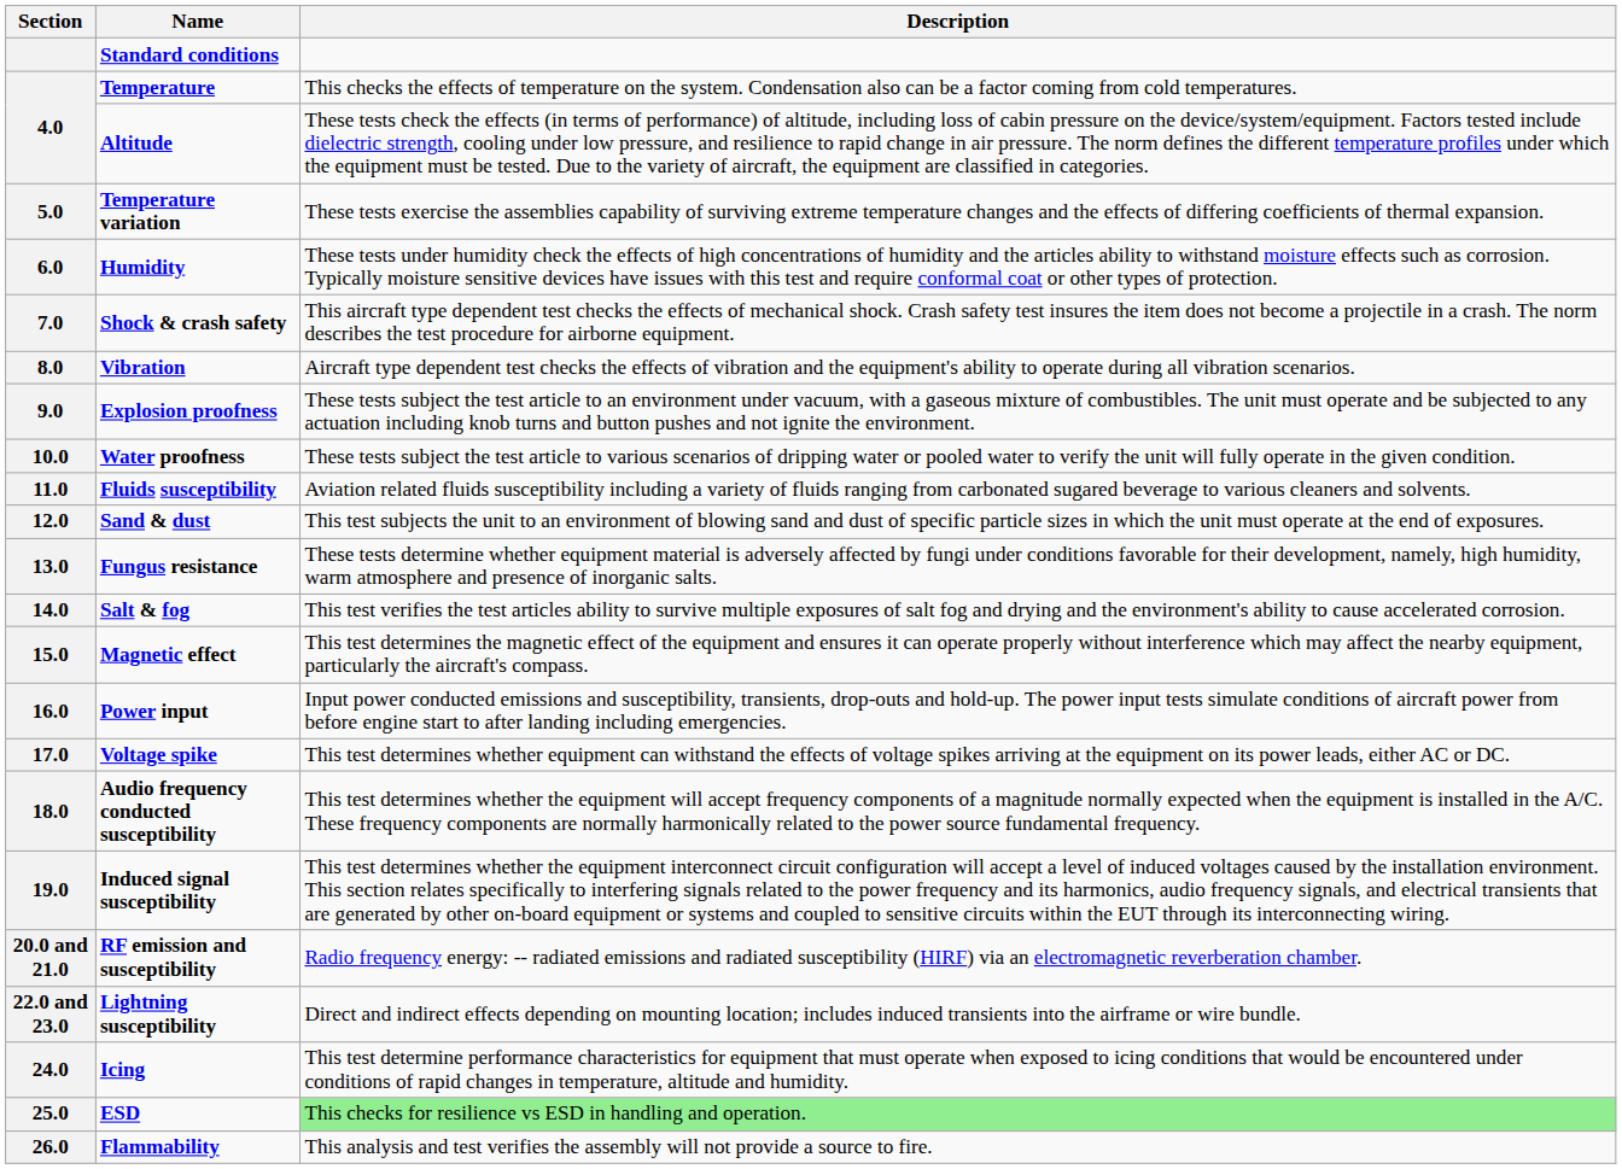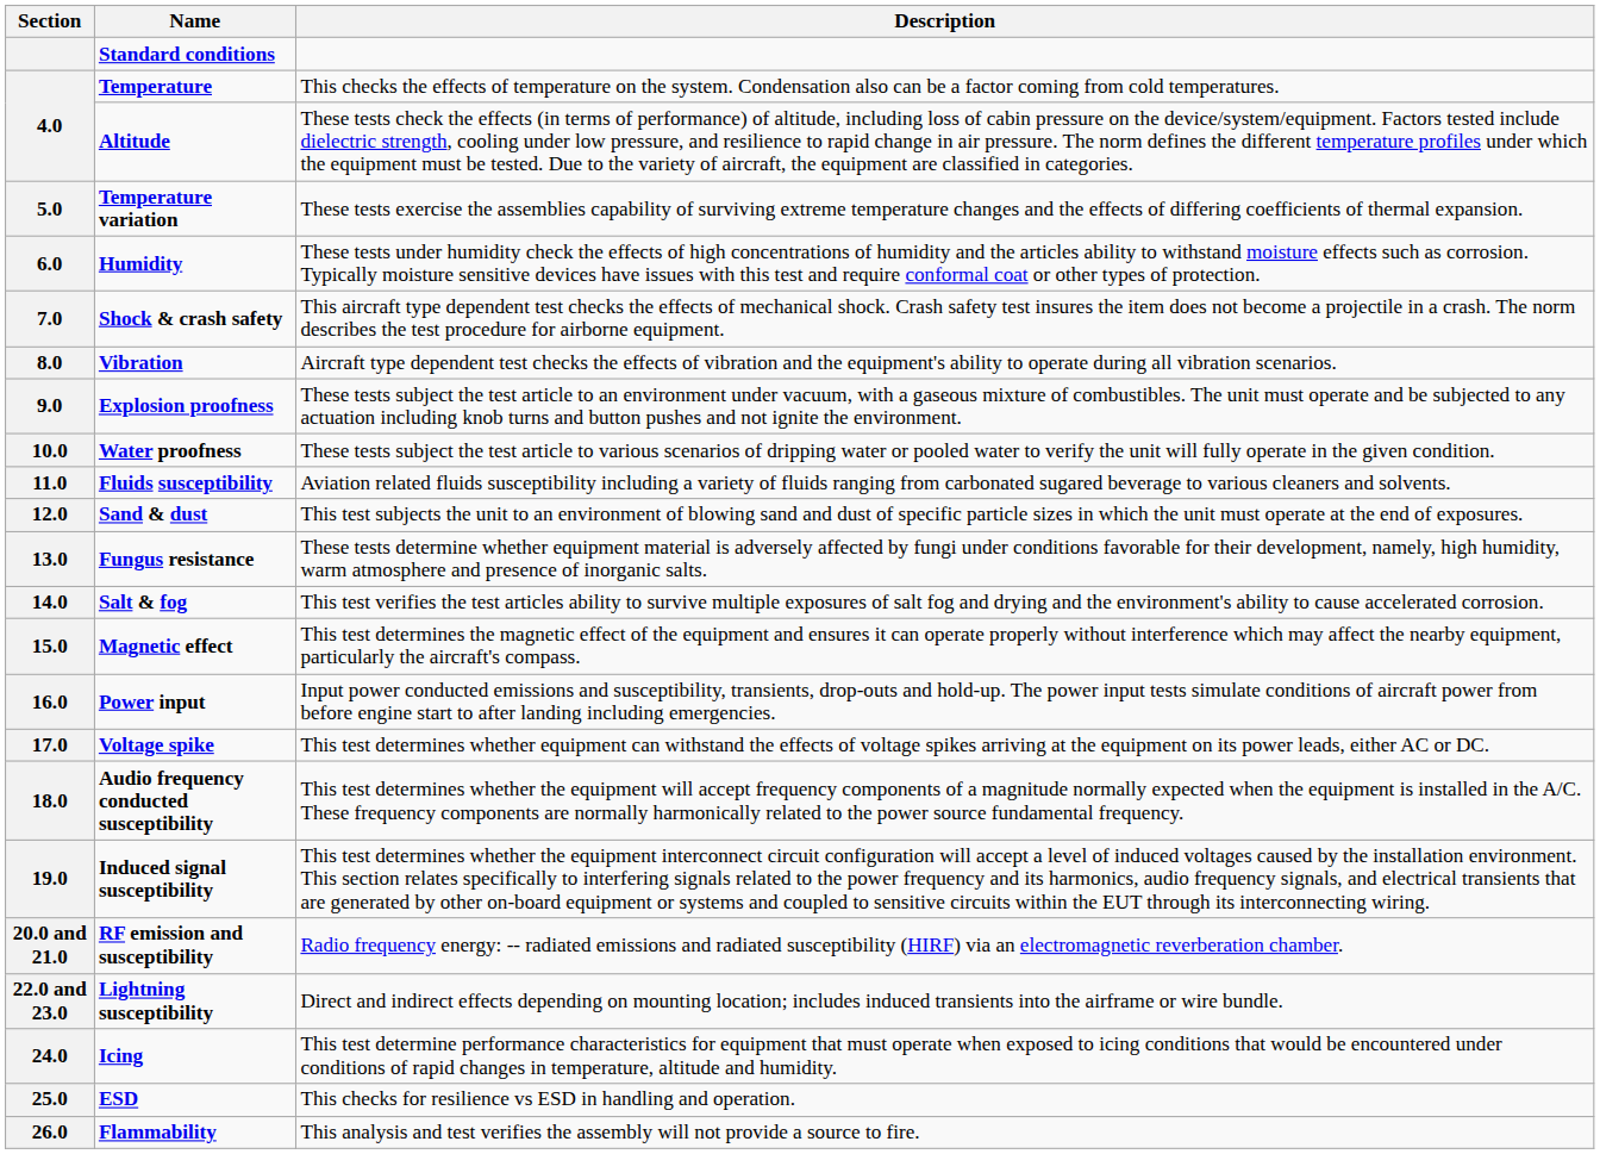 <table class="wikitable" border="1">
 <tr>
 <th>Section</th>
 <th>Name</th>
 <th>Description</th>
 </tr>
 <tr>
 <th></th>
 <td><strong><a href='#'>Standard conditions</a></strong></td>
 <td></td>
 </tr>
 <tr>
 <th rowspan="2">4.0</th>
 <td><strong><a href='#'>Temperature</a></strong></td>
 <td>This checks the effects of temperature on the system. Condensation also can be a factor coming from cold temperatures.</td>
 </tr>
 <tr>
 <td><strong><a href='#'>Altitude</a></strong></td>
 <td>These tests check the effects (in terms of performance) of altitude, including loss of cabin pressure on the device/system/equipment. Factors tested include <a href='#'>dielectric strength</a>, cooling under low pressure, and resilience to rapid change in air pressure. The norm defines the different <a href='#'>temperature profiles</a> under which the equipment must be tested. Due to the variety of aircraft, the equipment are classified in categories.</td>
 </tr>
 <tr>
 <th>5.0</th>
 <td><strong><a href='#'>Temperature</a> variation</strong></td>
 <td>These tests exercise the assemblies capability of surviving extreme temperature changes and the effects of differing coefficients of thermal expansion.</td>
 </tr>
 <tr>
 <th>6.0</th>
 <td><strong><a href='#'>Humidity</a></strong></td>
 <td>These tests under humidity check the effects of high concentrations of humidity and the articles ability to withstand <a href='#'>moisture</a> effects such as corrosion. Typically moisture sensitive devices have issues with this test and require <a href='#'>conformal coat</a> or other types of protection.</td>
 </tr>
 <tr>
 <th>7.0</th>
 <td><strong><a href='#'>Shock</a> & crash safety</strong></td>
 <td>This aircraft type dependent test checks the effects of mechanical shock. Crash safety test insures the item does not become a projectile in a crash. The norm describes the test procedure for airborne equipment.</td>
 </tr>
 <tr>
 <th>8.0</th>
 <td><strong><a href='#'>Vibration</a></strong></td>
 <td>Aircraft type dependent test checks the effects of vibration and the equipment's ability to operate during all vibration scenarios.</td>
 </tr>
 <tr>
 <th>9.0</th>
 <td><strong><a href='#'>Explosion proofness</a></strong></td>
 <td>These tests subject the test article to an environment under vacuum, with a gaseous mixture of combustibles. The unit must operate and be subjected to any actuation including knob turns and button pushes and not ignite the environment.</td>
 </tr>
 <tr>
 <th>10.0</th>
 <td><strong><a href='#'>Water</a> proofness</strong></td>
 <td>These tests subject the test article to various scenarios of dripping water or pooled water to verify the unit will fully operate in the given condition.</td>
 </tr>
 <tr>
 <th>11.0</th>
 <td><strong><a href='#'>Fluids</a> <a href='#'>susceptibility</a></strong></td>
 <td>Aviation related fluids susceptibility including a variety of fluids ranging from carbonated sugared beverage to various cleaners and solvents.</td>
 </tr>
 <tr>
 <th>12.0</th>
 <td><strong><a href='#'>Sand</a> & <a href='#'>dust</a></strong></td>
 <td>This test subjects the unit to an environment of blowing sand and dust of specific particle sizes in which the unit must operate at the end of exposures.</td>
 </tr>
 <tr>
 <th>13.0</th>
 <td><strong><a href='#'>Fungus</a> resistance</strong></td>
 <td>These tests determine whether equipment material is adversely affected by fungi under conditions favorable for their development, namely, high humidity, warm atmosphere and presence of inorganic salts.</td>
 </tr>
 <tr>
 <th>14.0</th>
 <td><strong><a href='#'>Salt</a> & <a href='#'>fog</a></strong></td>
 <td>This test verifies the test articles ability to survive multiple exposures of salt fog and drying and the environment's ability to cause accelerated corrosion.</td>
 </tr>
 <tr>
 <th>15.0</th>
 <td><strong><a href='#'>Magnetic</a> effect</strong></td>
 <td>This test determines the magnetic effect of the equipment and ensures it can operate properly without interference which may affect the nearby equipment, particularly the aircraft's compass.</td>
 </tr>
 <tr>
 <th>16.0</th>
 <td><strong><a href='#'>Power</a> input</strong></td>
 <td>Input power conducted emissions and susceptibility, transients, drop-outs and hold-up. The power input tests simulate conditions of aircraft power from before engine start to after landing including emergencies.</td>
 </tr>
 <tr>
 <th>17.0</th>
 <td><strong><a href='#'>Voltage spike</a></strong></td>
 <td>This test determines whether equipment can withstand the effects of voltage spikes arriving at the equipment on its power leads, either AC or DC.</td>
 </tr>
 <tr>
 <th>18.0</th>
 <td><strong>Audio frequency conducted susceptibility</strong></td>
 <td>This test determines whether the equipment will accept frequency components of a magnitude normally expected when the equipment is installed in the A/C.  These frequency components are normally harmonically related to the power source fundamental frequency.</td>
 </tr>
 <tr>
 <th>19.0</th>
 <td><strong>Induced signal susceptibility</strong></td>
 <td>This test determines whether the equipment interconnect circuit configuration will accept a level of induced voltages caused by the installation environment.  This section relates specifically to interfering signals related to the power frequency and its harmonics, audio frequency signals, and electrical transients that are generated by other on-board equipment or systems and coupled to sensitive circuits within the EUT through its interconnecting wiring.</td>
 </tr>
 <tr>
 <th>20.0 and 21.0</th>
 <td><strong><a href='#'>RF</a> emission and susceptibility</strong></td>
 <td><a href='#'>Radio frequency</a> energy: -- radiated emissions and radiated susceptibility (<a href='#'>HIRF</a>) via an <a href='#'>electromagnetic reverberation chamber</a>.</td>
 </tr>
 <tr>
 <th>22.0 and 23.0</th>
 <td><strong><a href='#'>Lightning</a> susceptibility</strong></td>
 <td>Direct and indirect effects depending on mounting location; includes induced transients into the airframe or wire bundle.</td>
 </tr>
 <tr>
 <th>24.0</th>
 <td><strong><a href='#'>Icing</a></strong></td>
 <td>This test determine performance characteristics for equipment that must operate when exposed to icing conditions that would be encountered under conditions of rapid changes in temperature, altitude and humidity.</td>
 </tr>
 <tr>
 <th>25.0</th>
 <td><strong><a href='#'>ESD</a></strong></td>
-<td style="background: lightgreen;">This checks for resilience vs ESD in handling and operation.</td>
+<td>This checks for resilience vs ESD in handling and operation.</td>
 </tr>
 <tr>
 <th>26.0</th>
 <td><strong><a href='#'>Flammability</a></strong></td>
 <td>This analysis and test verifies the assembly will not provide a source to fire.</td>
 </tr>
 </table>
